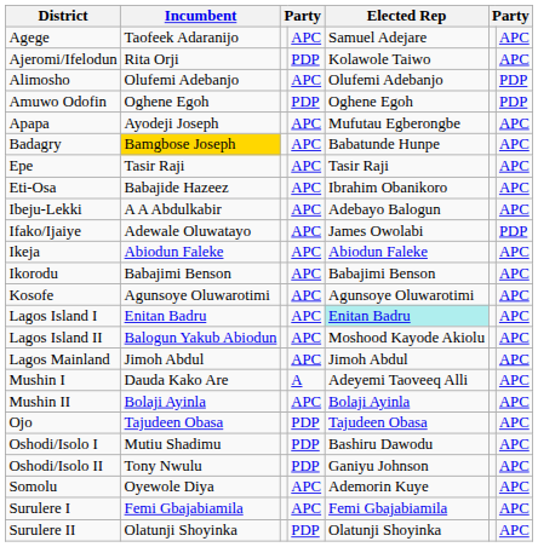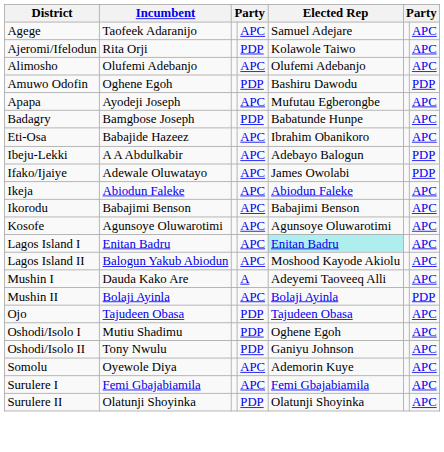 <table class="sortable wikitable" style="font-size:95%;line-height:14px;">
 <tr>
 <th class="unsortable">District</th>
 <th class="unsortable"><a href='#'>Incumbent</a></th>
 <th colspan="2">Party</th>
 <th class="unsortable">Elected Rep</th>
 <th colspan="2">Party</th>
 </tr>
 <tr>
 <td>Agege</td>
 <td>Taofeek Adaranijo</td>
 <td style="background:"></td>
 <td><a href='#'>APC</a></td>
 <td>Samuel Adejare</td>
 <td style="background:"></td>
 <td><a href='#'>APC</a></td>
 </tr>
 <tr>
 <td>Ajeromi/Ifelodun</td>
 <td>Rita Orji</td>
 <td style="background:"></td>
 <td><a href='#'>PDP</a></td>
 <td>Kolawole Taiwo</td>
 <td style="background:"></td>
 <td><a href='#'>APC</a></td>
 </tr>
 <tr>
 <td>Alimosho</td>
 <td>Olufemi Adebanjo</td>
 <td style="background:"></td>
 <td><a href='#'>APC</a></td>
 <td>Olufemi Adebanjo</td>
 <td style="background:"></td>
-<td><a href='#'>PDP</a></td>
+<td><a href='#'>APC</a></td>
 </tr>
 <tr>
 <td>Amuwo Odofin</td>
 <td>Oghene Egoh</td>
 <td style="background:"></td>
 <td><a href='#'>PDP</a></td>
-<td>Oghene Egoh</td>
+<td>Bashiru Dawodu</td>
 <td style="background:"></td>
 <td><a href='#'>PDP</a></td>
 </tr>
 <tr>
 <td>Apapa</td>
 <td>Ayodeji Joseph</td>
 <td style="background:"></td>
 <td><a href='#'>APC</a></td>
 <td>Mufutau Egberongbe</td>
 <td style="background:"></td>
 <td><a href='#'>APC</a></td>
 </tr>
 <tr>
 <td>Badagry</td>
-<td style="background: gold;">Bamgbose Joseph</td>
+<td>Bamgbose Joseph</td>
 <td style="background:"></td>
-<td><a href='#'>APC</a></td>
+<td><a href='#'>PDP</a></td>
 <td>Babatunde Hunpe</td>
-<td style="background:"></td>
-<td><a href='#'>APC</a></td>
-</tr>
-<tr>
-<td>Epe</td>
-<td>Tasir Raji</td>
-<td style="background:"></td>
-<td><a href='#'>APC</a></td>
-<td>Tasir Raji</td>
 <td style="background:"></td>
 <td><a href='#'>APC</a></td>
 </tr>
 <tr>
 <td>Eti-Osa</td>
 <td>Babajide Hazeez</td>
 <td style="background:"></td>
 <td><a href='#'>APC</a></td>
 <td>Ibrahim Obanikoro</td>
 <td style="background:"></td>
 <td><a href='#'>APC</a></td>
 </tr>
 <tr>
 <td>Ibeju-Lekki</td>
 <td>A A Abdulkabir</td>
 <td style="background:"></td>
 <td><a href='#'>APC</a></td>
 <td>Adebayo Balogun</td>
 <td style="background:"></td>
-<td><a href='#'>APC</a></td>
+<td><a href='#'>PDP</a></td>
 </tr>
 <tr>
 <td>Ifako/Ijaiye</td>
 <td>Adewale Oluwatayo</td>
 <td style="background:"></td>
 <td><a href='#'>APC</a></td>
 <td>James Owolabi</td>
 <td style="background:"></td>
 <td><a href='#'>PDP</a></td>
 </tr>
 <tr>
 <td>Ikeja</td>
 <td><a href='#'>Abiodun Faleke</a></td>
 <td style="background:"></td>
 <td><a href='#'>APC</a></td>
 <td><a href='#'>Abiodun Faleke</a></td>
 <td style="background:"></td>
 <td><a href='#'>APC</a></td>
 </tr>
 <tr>
 <td>Ikorodu</td>
 <td>Babajimi Benson</td>
 <td style="background:"></td>
 <td><a href='#'>APC</a></td>
 <td>Babajimi Benson</td>
 <td style="background:"></td>
 <td><a href='#'>APC</a></td>
 </tr>
 <tr>
 <td>Kosofe</td>
 <td>Agunsoye Oluwarotimi</td>
 <td style="background:"></td>
 <td><a href='#'>APC</a></td>
 <td>Agunsoye Oluwarotimi</td>
 <td style="background:"></td>
 <td><a href='#'>APC</a></td>
 </tr>
 <tr>
 <td>Lagos Island I</td>
 <td><a href='#'>Enitan Badru</a></td>
 <td style="background:"></td>
 <td><a href='#'>APC</a></td>
 <td style="background: paleturquoise;"><a href='#'>Enitan Badru</a></td>
 <td style="background:"></td>
 <td><a href='#'>APC</a></td>
 </tr>
 <tr>
 <td>Lagos Island II</td>
 <td><a href='#'>Balogun Yakub Abiodun</a></td>
 <td style="background:"></td>
 <td><a href='#'>APC</a></td>
 <td>Moshood Kayode Akiolu</td>
 <td style="background:"></td>
 <td><a href='#'>APC</a></td>
 </tr>
 <tr>
-<td>Lagos Mainland</td>
-<td>Jimoh Abdul</td>
-<td style="background:"></td>
-<td><a href='#'>APC</a></td>
-<td>Jimoh Abdul</td>
-<td style="background:"></td>
-<td><a href='#'>APC</a></td>
-</tr>
-<tr>
 <td>Mushin I</td>
 <td>Dauda Kako Are</td>
 <td style="background:"></td>
 <td><a href='#'>A</a></td>
 <td>Adeyemi Taoveeq Alli</td>
 <td style="background:"></td>
 <td><a href='#'>APC</a></td>
 </tr>
 <tr>
 <td>Mushin II</td>
 <td><a href='#'>Bolaji Ayinla</a></td>
 <td style="background:"></td>
 <td><a href='#'>APC</a></td>
 <td><a href='#'>Bolaji Ayinla</a></td>
 <td style="background:"></td>
-<td><a href='#'>APC</a></td>
+<td><a href='#'>PDP</a></td>
 </tr>
 <tr>
 <td>Ojo</td>
 <td><a href='#'>Tajudeen Obasa</a></td>
 <td style="background:"></td>
 <td><a href='#'>PDP</a></td>
 <td><a href='#'>Tajudeen Obasa</a></td>
 <td style="background:"></td>
 <td><a href='#'>APC</a></td>
 </tr>
 <tr>
 <td>Oshodi/Isolo I</td>
 <td>Mutiu Shadimu</td>
 <td style="background:"></td>
 <td><a href='#'>PDP</a></td>
-<td>Bashiru Dawodu</td>
+<td>Oghene Egoh</td>
 <td style="background:"></td>
 <td><a href='#'>APC</a></td>
 </tr>
 <tr>
 <td>Oshodi/Isolo II</td>
 <td>Tony Nwulu</td>
 <td style="background:"></td>
 <td><a href='#'>PDP</a></td>
 <td>Ganiyu Johnson</td>
 <td style="background:"></td>
 <td><a href='#'>APC</a></td>
 </tr>
 <tr>
 <td>Somolu</td>
 <td>Oyewole Diya</td>
 <td style="background:"></td>
 <td><a href='#'>APC</a></td>
 <td>Ademorin Kuye</td>
 <td style="background:"></td>
 <td><a href='#'>APC</a></td>
 </tr>
 <tr>
 <td>Surulere I</td>
 <td><a href='#'>Femi Gbajabiamila</a></td>
 <td style="background:"></td>
 <td><a href='#'>APC</a></td>
 <td><a href='#'>Femi Gbajabiamila</a></td>
 <td style="background:"></td>
 <td><a href='#'>APC</a></td>
 </tr>
 <tr>
 <td>Surulere II</td>
 <td>Olatunji Shoyinka</td>
 <td style="background:"></td>
 <td><a href='#'>PDP</a></td>
 <td>Olatunji Shoyinka</td>
 <td style="background:"></td>
 <td><a href='#'>APC</a></td>
 </tr>
 </table>
